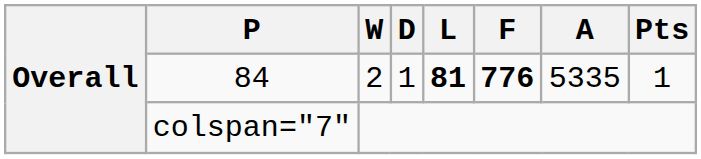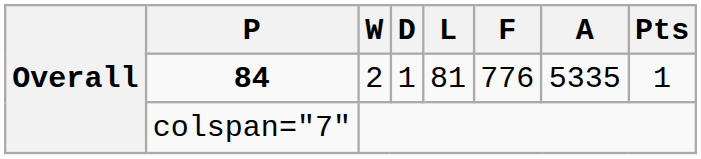 <table class="wikitable" style="text-align: center">
 <tr>
 <th rowspan="3">Overall</th>
 <th>P</th>
 <th>W</th>
 <th>D</th>
 <th>L</th>
 <th>F</th>
 <th>A</th>
 <th>Pts</th>
 </tr>
 <tr>
-<td>84</td>
+<td><strong>84</strong></td>
 <td>2</td>
 <td>1</td>
-<td><strong>81</strong></td>
-<td><strong>776</strong></td>
+<td>81</td>
+<td>776</td>
 <td>5335</td>
 <td>1</td>
 </tr>
 <tr>
 <td>colspan="7"</td>
 </tr>
 </table>
